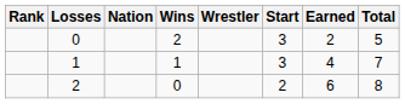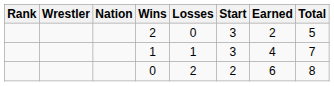 <table class="wikitable sortable" style="text-align:center;">
 <tr>
 <th>Rank</th>
-<th>Losses</th>
+<th>Wrestler</th>
 <th>Nation</th>
 <th>Wins</th>
-<th>Wrestler</th>
+<th>Losses</th>
 <th>Start</th>
 <th>Earned</th>
 <th>Total</th>
 </tr>
 <tr>
 <td></td>
-<td>0</td>
+<td align=left></td>
 <td align=left></td>
 <td>2</td>
-<td align=left></td>
+<td>0</td>
 <td>3</td>
 <td>2</td>
 <td>5</td>
 </tr>
 <tr>
 <td></td>
-<td>1</td>
+<td align=left></td>
 <td align=left></td>
 <td>1</td>
-<td align=left></td>
+<td>1</td>
 <td>3</td>
 <td>4</td>
 <td>7</td>
 </tr>
 <tr>
 <td></td>
-<td>2</td>
+<td align=left></td>
 <td align=left></td>
 <td>0</td>
-<td align=left></td>
+<td>2</td>
 <td>2</td>
 <td>6</td>
 <td>8</td>
 </tr>
 </table>
